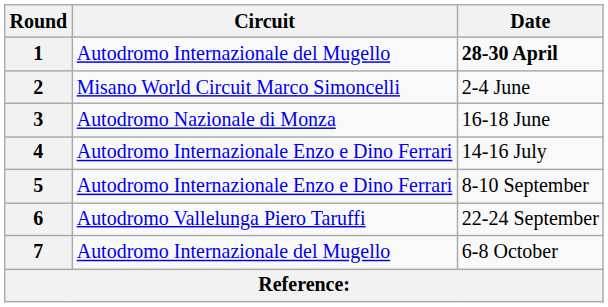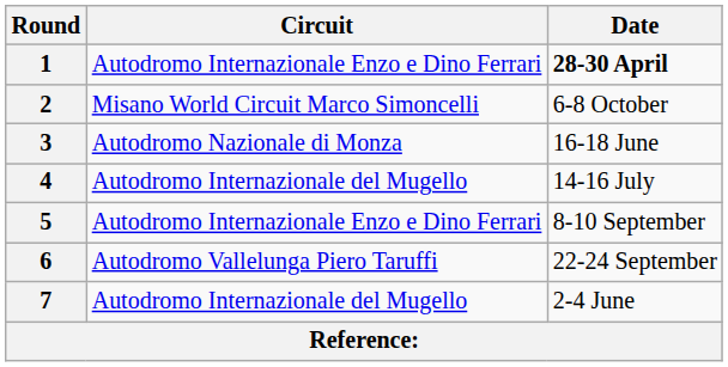 <table class="wikitable" style="font-size: 85%;">
 <tr>
 <th>Round</th>
 <th>Circuit</th>
 <th>Date</th>
 </tr>
 <tr>
 <th>1</th>
-<td><a href='#'>Autodromo Internazionale del Mugello</a></td>
+<td><a href='#'>Autodromo Internazionale Enzo e Dino Ferrari</a></td>
 <td><strong>28-30 April</strong></td>
 </tr>
 <tr>
 <th>2</th>
 <td><a href='#'>Misano World Circuit Marco Simoncelli</a></td>
-<td>2-4 June</td>
+<td>6-8 October</td>
 </tr>
 <tr>
 <th>3</th>
 <td><a href='#'>Autodromo Nazionale di Monza</a></td>
 <td>16-18 June</td>
 </tr>
 <tr>
 <th>4</th>
-<td><a href='#'>Autodromo Internazionale Enzo e Dino Ferrari</a></td>
+<td><a href='#'>Autodromo Internazionale del Mugello</a></td>
 <td>14-16 July</td>
 </tr>
 <tr>
 <th>5</th>
 <td><a href='#'>Autodromo Internazionale Enzo e Dino Ferrari</a></td>
 <td>8-10 September</td>
 </tr>
 <tr>
 <th>6</th>
 <td><a href='#'>Autodromo Vallelunga Piero Taruffi</a></td>
 <td>22-24 September</td>
 </tr>
 <tr>
 <th>7</th>
 <td><a href='#'>Autodromo Internazionale del Mugello</a></td>
-<td>6-8 October</td>
+<td>2-4 June</td>
 </tr>
 <tr>
 <th colspan=3>Reference: </th>
 </tr>
 </table>
